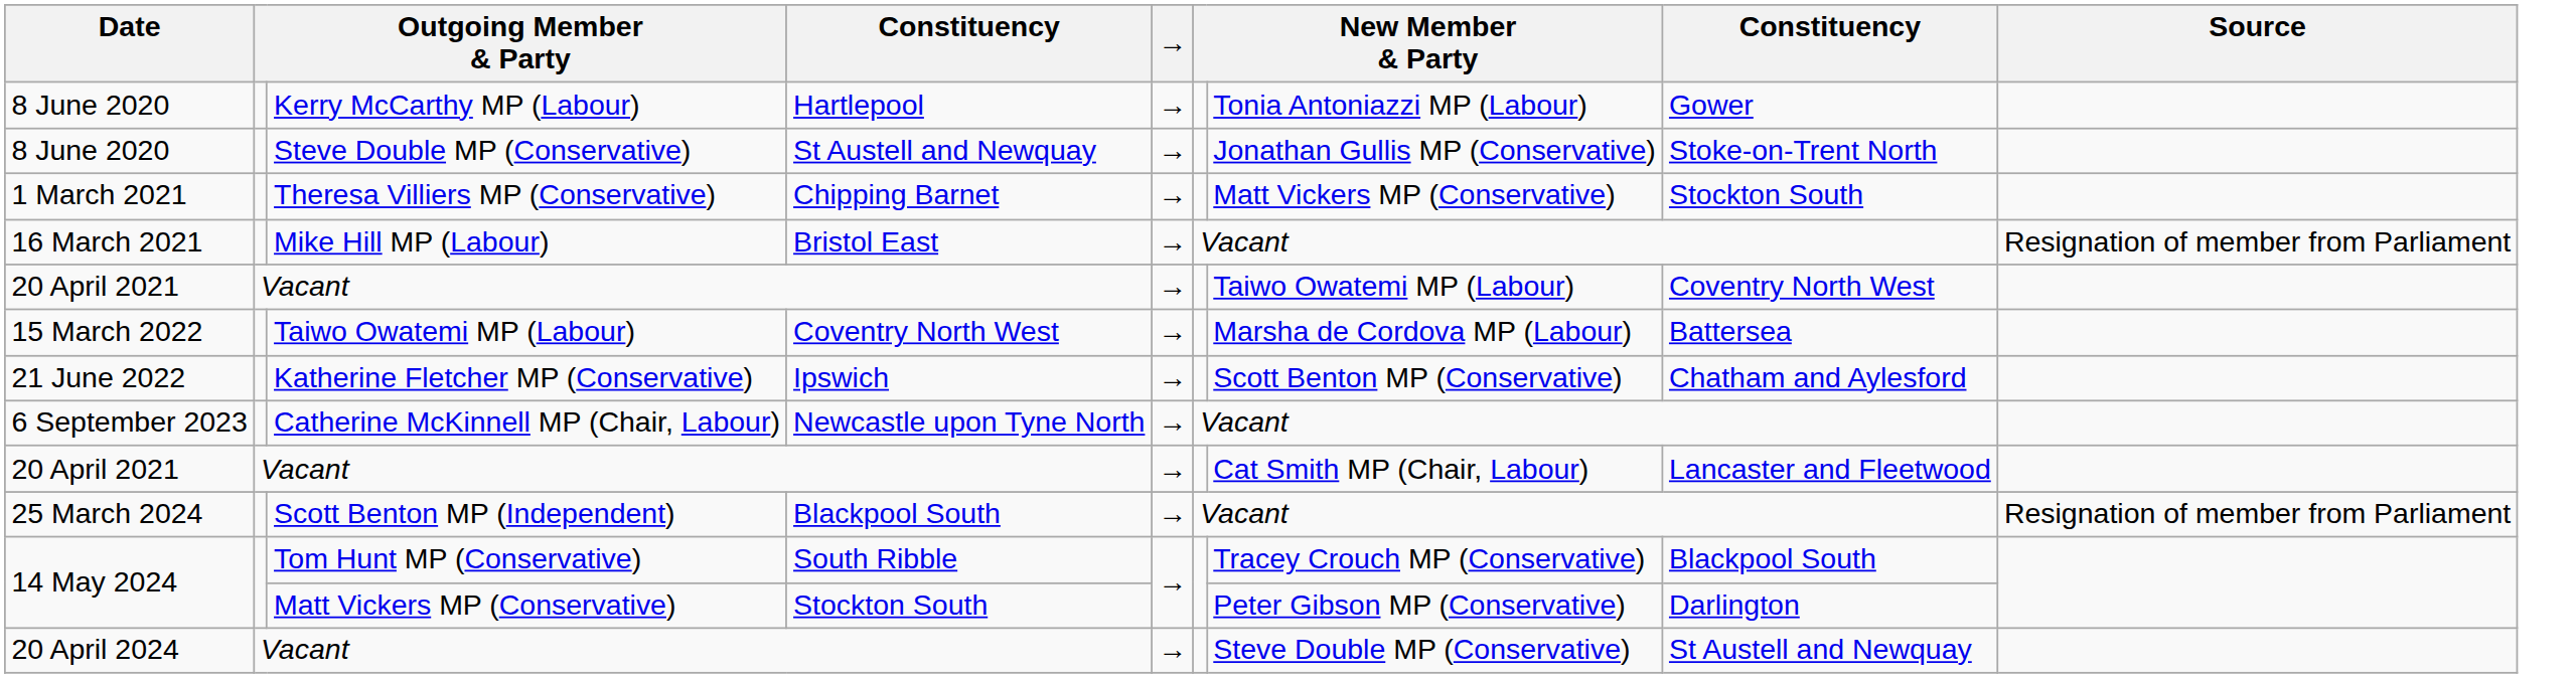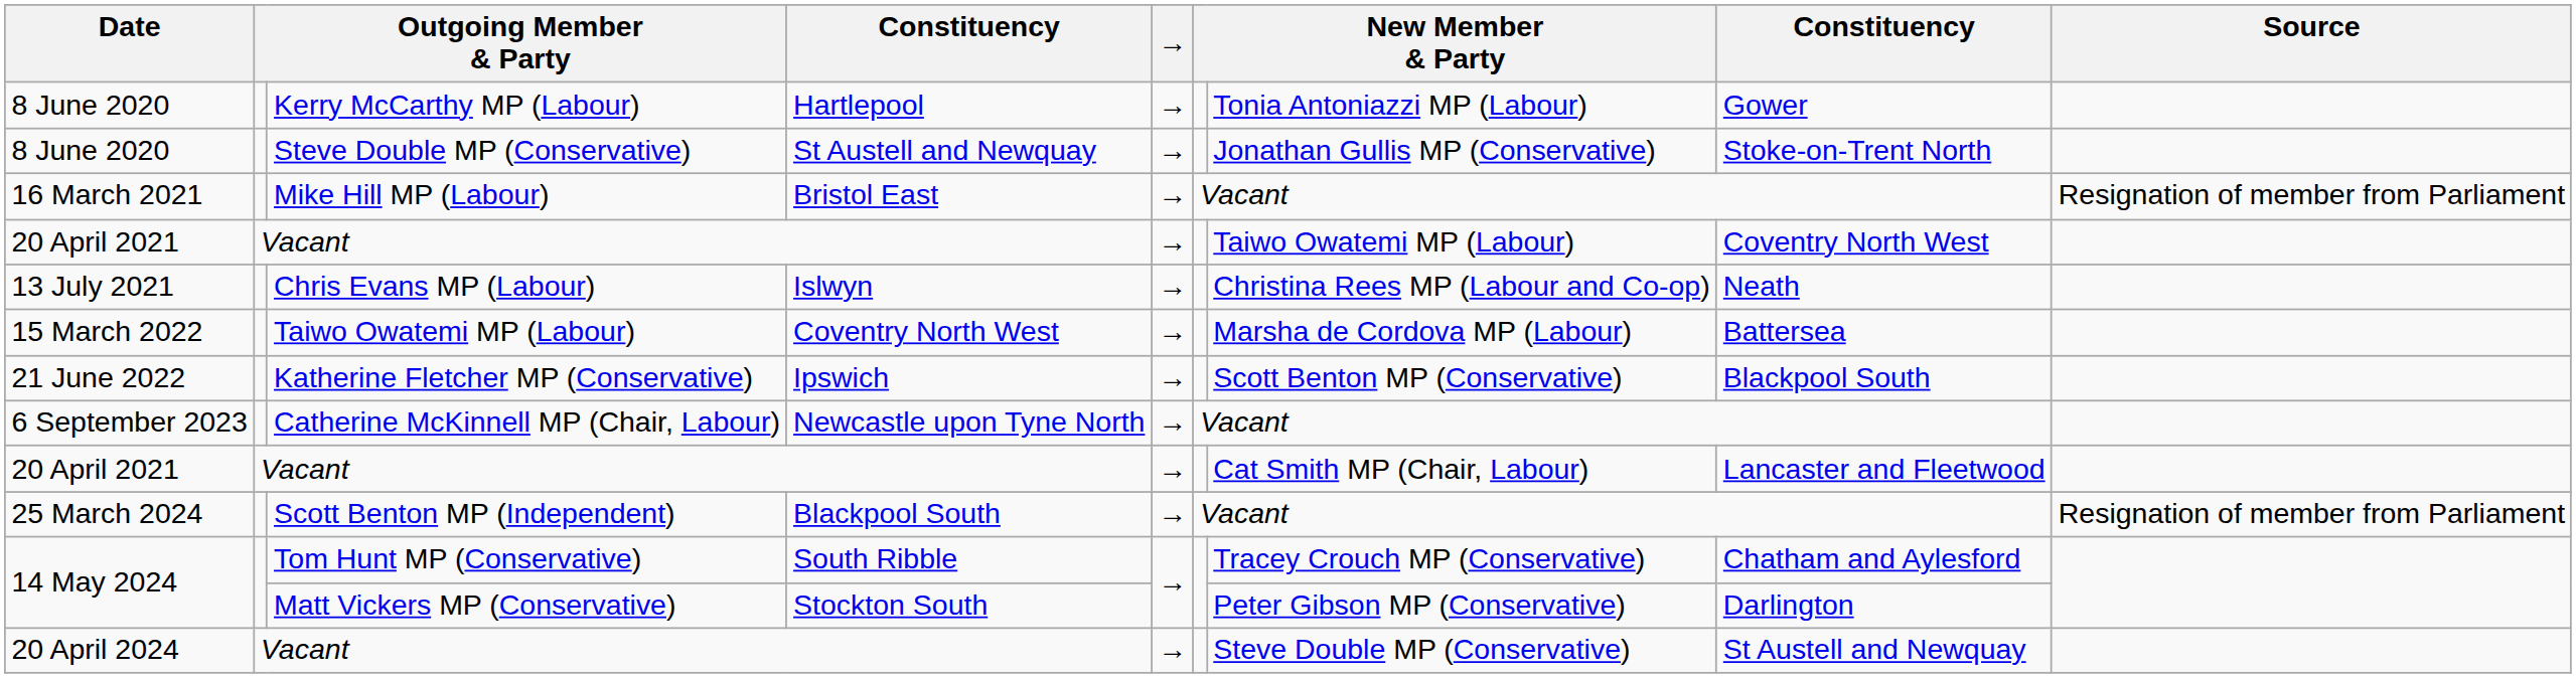 <table class="wikitable">
 <tr>
 <th valign="top">Date</th>
 <th colspan="2" valign="top">Outgoing Member<br>& Party</th>
 <th valign="top">Constituency</th>
 <th>→</th>
 <th colspan="2" valign="top">New Member<br>& Party</th>
 <th valign="top">Constituency</th>
 <th valign="top">Source</th>
 </tr>
 <tr>
 <td>8 June 2020</td>
 <td style="color:inherit;background:"></td>
 <td><a href='#'>Kerry McCarthy</a> MP (<a href='#'>Labour</a>)</td>
 <td><a href='#'>Hartlepool</a></td>
 <td>→</td>
 <td style="color:inherit;background:"></td>
 <td><a href='#'>Tonia Antoniazzi</a> MP (<a href='#'>Labour</a>)</td>
 <td><a href='#'>Gower</a></td>
 <td></td>
 </tr>
 <tr>
 <td>8 June 2020</td>
 <td style="color:inherit;background:"></td>
 <td><a href='#'>Steve Double</a> MP (<a href='#'>Conservative</a>)</td>
 <td><a href='#'>St Austell and Newquay</a></td>
 <td>→</td>
 <td style="color:inherit;background:"></td>
 <td><a href='#'>Jonathan Gullis</a> MP (<a href='#'>Conservative</a>)</td>
 <td><a href='#'>Stoke-on-Trent North</a></td>
 <td></td>
 </tr>
 <tr>
-<td>1 March 2021</td>
-<td style="color:inherit;background:"></td>
-<td><a href='#'>Theresa Villiers</a> MP (<a href='#'>Conservative</a>)</td>
-<td><a href='#'>Chipping Barnet</a></td>
-<td>→</td>
-<td style="color:inherit;background:"></td>
-<td><a href='#'>Matt Vickers</a> MP (<a href='#'>Conservative</a>)</td>
-<td><a href='#'>Stockton South</a></td>
-<td></td>
-</tr>
-<tr>
 <td>16 March 2021</td>
 <td style="color:inherit;background:"></td>
 <td><a href='#'>Mike Hill</a> MP (<a href='#'>Labour</a>)</td>
 <td><a href='#'>Bristol East</a></td>
 <td>→</td>
 <td colspan=3><em>Vacant</em></td>
 <td>Resignation of member from Parliament</td>
 </tr>
 <tr>
 <td>20 April 2021</td>
 <td colspan=3><em>Vacant</em></td>
 <td>→</td>
 <td style="color:inherit;background:"></td>
 <td><a href='#'>Taiwo Owatemi</a> MP (<a href='#'>Labour</a>)</td>
 <td><a href='#'>Coventry North West</a></td>
+<td></td>
+</tr>
+<tr>
+<td>13 July 2021</td>
+<td style="color:inherit;background:"></td>
+<td><a href='#'>Chris Evans</a> MP (<a href='#'>Labour</a>)</td>
+<td><a href='#'>Islwyn</a></td>
+<td>→</td>
+<td style="color:inherit;background:"></td>
+<td><a href='#'>Christina Rees</a> MP (<a href='#'>Labour and Co-op</a>)</td>
+<td><a href='#'>Neath</a></td>
 <td></td>
 </tr>
 <tr>
 <td>15 March 2022</td>
 <td style="color:inherit;background:"></td>
 <td><a href='#'>Taiwo Owatemi</a> MP (<a href='#'>Labour</a>)</td>
 <td><a href='#'>Coventry North West</a></td>
 <td>→</td>
 <td style="color:inherit;background:"></td>
 <td><a href='#'>Marsha de Cordova</a> MP (<a href='#'>Labour</a>)</td>
 <td><a href='#'>Battersea</a></td>
 <td></td>
 </tr>
 <tr>
 <td>21 June 2022</td>
 <td style="color:inherit;background:"></td>
 <td><a href='#'>Katherine Fletcher</a> MP (<a href='#'>Conservative</a>)</td>
 <td><a href='#'>Ipswich</a></td>
 <td>→</td>
 <td style="color:inherit;background:"></td>
 <td><a href='#'>Scott Benton</a> MP (<a href='#'>Conservative</a>)</td>
-<td><a href='#'>Chatham and Aylesford</a></td>
+<td><a href='#'>Blackpool South</a></td>
 <td></td>
 </tr>
 <tr>
 <td>6 September 2023</td>
 <td style="color:inherit;background:"></td>
 <td><a href='#'>Catherine McKinnell</a> MP (Chair, <a href='#'>Labour</a>)</td>
 <td><a href='#'>Newcastle upon Tyne North</a></td>
 <td>→</td>
 <td colspan=3><em>Vacant</em></td>
 <td></td>
 </tr>
 <tr>
 <td>20 April 2021</td>
 <td colspan=3><em>Vacant</em></td>
 <td>→</td>
 <td style="color:inherit;background:"></td>
 <td><a href='#'>Cat Smith</a> MP (Chair, <a href='#'>Labour</a>)</td>
 <td><a href='#'>Lancaster and Fleetwood</a></td>
 <td></td>
 </tr>
 <tr>
 <td>25 March 2024</td>
 <td style="color:inherit;background:"></td>
 <td><a href='#'>Scott Benton</a> MP (<a href='#'>Independent</a>)</td>
 <td><a href='#'>Blackpool South</a></td>
 <td>→</td>
 <td colspan=3><em>Vacant</em></td>
 <td>Resignation of member from Parliament</td>
 </tr>
 <tr>
 <td rowspan=2>14 May 2024</td>
 <td rowspan=2 style="color:inherit;background:"></td>
 <td><a href='#'>Tom Hunt</a> MP (<a href='#'>Conservative</a>)</td>
 <td><a href='#'>South Ribble</a></td>
 <td rowspan=2>→</td>
 <td rowspan=2 style="color:inherit;background:"></td>
 <td><a href='#'>Tracey Crouch</a> MP (<a href='#'>Conservative</a>)</td>
-<td><a href='#'>Blackpool South</a></td>
+<td><a href='#'>Chatham and Aylesford</a></td>
 <td rowspan=2></td>
 </tr>
 <tr>
 <td><a href='#'>Matt Vickers</a> MP (<a href='#'>Conservative</a>)</td>
 <td><a href='#'>Stockton South</a></td>
 <td><a href='#'>Peter Gibson</a> MP (<a href='#'>Conservative</a>)</td>
 <td><a href='#'>Darlington</a></td>
 </tr>
 <tr>
 <td>20 April 2024</td>
 <td colspan=3><em>Vacant</em></td>
 <td>→</td>
 <td style="color:inherit;background:"></td>
 <td><a href='#'>Steve Double</a> MP (<a href='#'>Conservative</a>)</td>
 <td><a href='#'>St Austell and Newquay</a></td>
 <td></td>
 </tr>
 </table>
